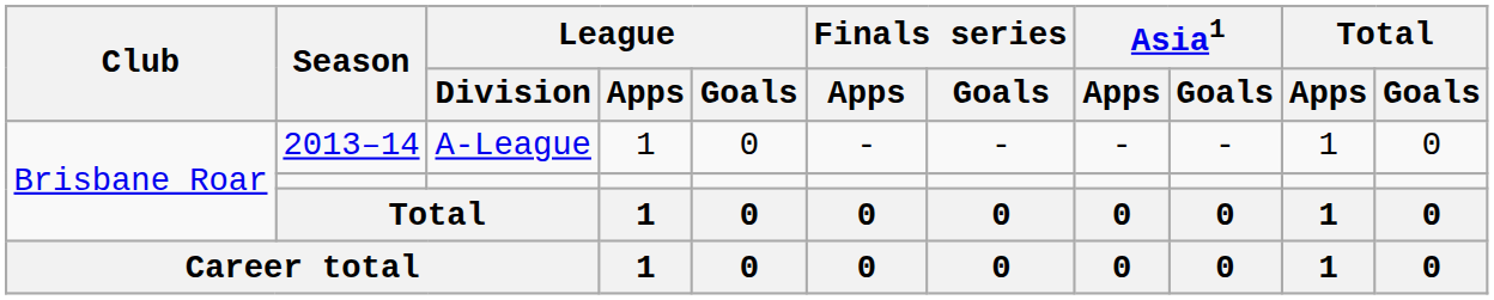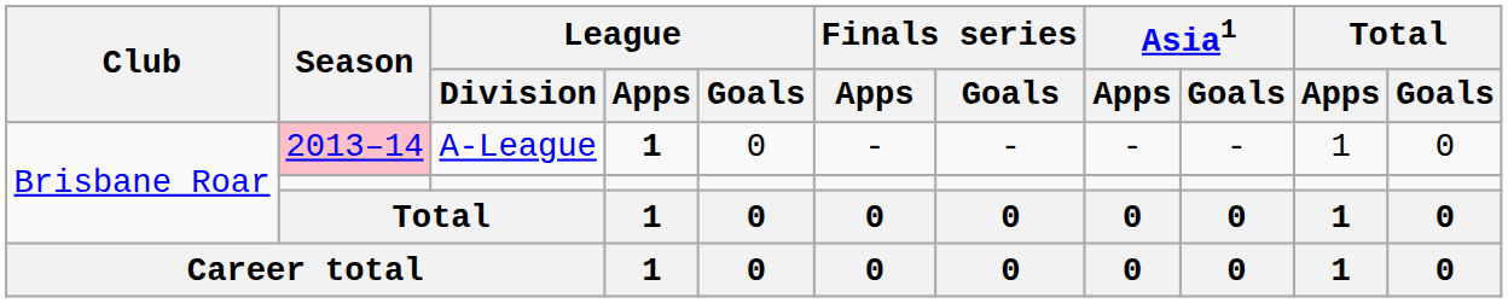 <table class="wikitable" style="text-align: center;">
 <tr>
 <th rowspan="2">Club</th>
 <th rowspan="2">Season</th>
 <th colspan="3">League</th>
 <th colspan="2">Finals series</th>
 <th colspan="2"><a href='#'>Asia</a><sup>1</sup></th>
 <th colspan="2">Total</th>
 </tr>
 <tr>
 <th>Division</th>
 <th>Apps</th>
 <th>Goals</th>
 <th>Apps</th>
 <th>Goals</th>
 <th>Apps</th>
 <th>Goals</th>
 <th>Apps</th>
 <th>Goals</th>
 </tr>
 <tr>
 <td rowspan="3"><a href='#'>Brisbane Roar</a></td>
-<td><a href='#'>2013–14</a></td>
+<td style="background: pink;"><a href='#'>2013–14</a></td>
 <td><a href='#'>A-League</a></td>
-<td>1</td>
+<td><strong>1</strong></td>
 <td>0</td>
 <td>-</td>
 <td>-</td>
 <td>-</td>
 <td>-</td>
 <td>1</td>
 <td>0</td>
 </tr>
 <tr>
 <td></td>
 <td></td>
 <td></td>
 <td></td>
 <td></td>
 <td></td>
 <td></td>
 <td></td>
 <td></td>
 <td></td>
 </tr>
 <tr>
 <th colspan="2">Total</th>
 <th>1</th>
 <th>0</th>
 <th>0</th>
 <th>0</th>
 <th>0</th>
 <th>0</th>
 <th>1</th>
 <th>0</th>
 </tr>
 <tr>
 <th colspan="3">Career total</th>
 <th>1</th>
 <th>0</th>
 <th>0</th>
 <th>0</th>
 <th>0</th>
 <th>0</th>
 <th>1</th>
 <th>0</th>
 </tr>
 </table>
